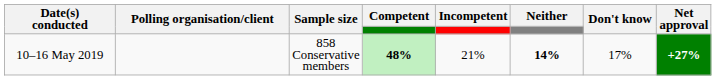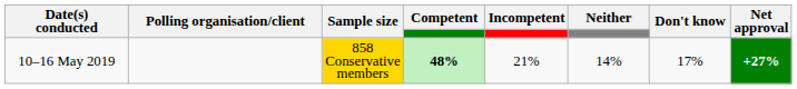 <table class="wikitable collapsible sortable" style="text-align:center;font-size:95%;line-height:14px;">
 <tr>
 <th rowspan="2" style="width:125px;">Date(s)<br>conducted</th>
 <th rowspan="2" style="width:200px;">Polling organisation/client</th>
 <th rowspan="2" style="width:60px;">Sample size</th>
 <th class="unsortable" style="width:80px;">Competent</th>
 <th class="unsortable" style="width: 80px;">Incompetent</th>
 <th class="unsortable" style="width:80px;">Neither</th>
 <th rowspan="2" class="unsortable" style="width:80px;">Don't know</th>
 <th rowspan="2" class="unsortable" style="width:20px;">Net approval</th>
 </tr>
 <tr>
 <th class="unsortable" style="background:green;width:60px;"></th>
 <th class="unsortable" style="background:red;width:60px;"></th>
 <th class="unsortable" style="background:grey;width:60px;"></th>
 </tr>
 <tr>
 <td>10–16 May 2019</td>
 <td></td>
-<td>858 Conservative members</td>
+<td style="background: gold;">858 Conservative members</td>
 <td style="background:#C1F0C1"><strong>48%</strong></td>
 <td>21%</td>
-<td><strong>14%</strong></td>
+<td>14%</td>
 <td>17%</td>
 <td style="background:green;color:white;"><strong>+27%</strong></td>
 </tr>
 </table>
